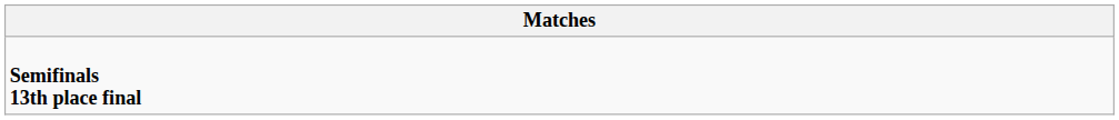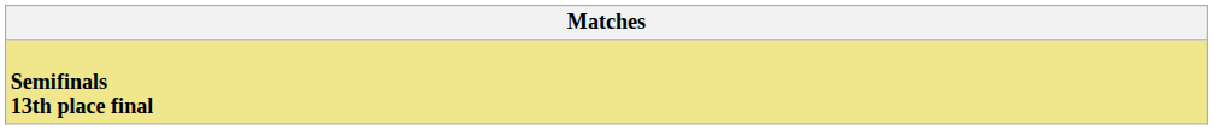 <table class="wikitable collapsible collapsed" style="width:100%;">
 <tr>
 <th>Matches</th>
 </tr>
 <tr>
-<td><br><strong>Semifinals</strong>  <br><strong>13th place final</strong> </td>
+<td style="background: khaki;"><br><strong>Semifinals</strong>  <br><strong>13th place final</strong> </td>
 </tr>
 </table>
